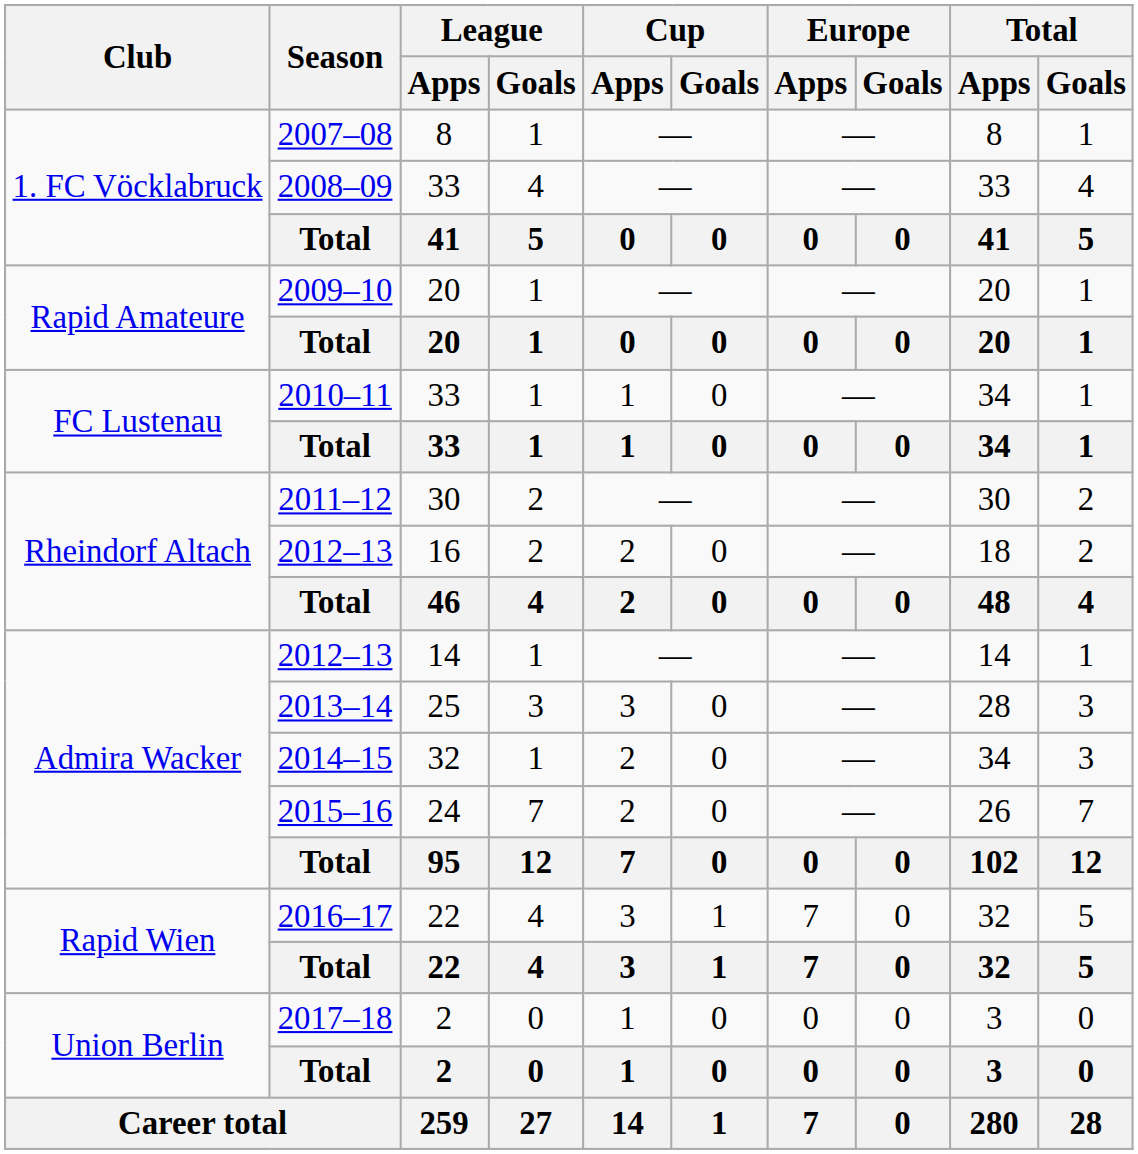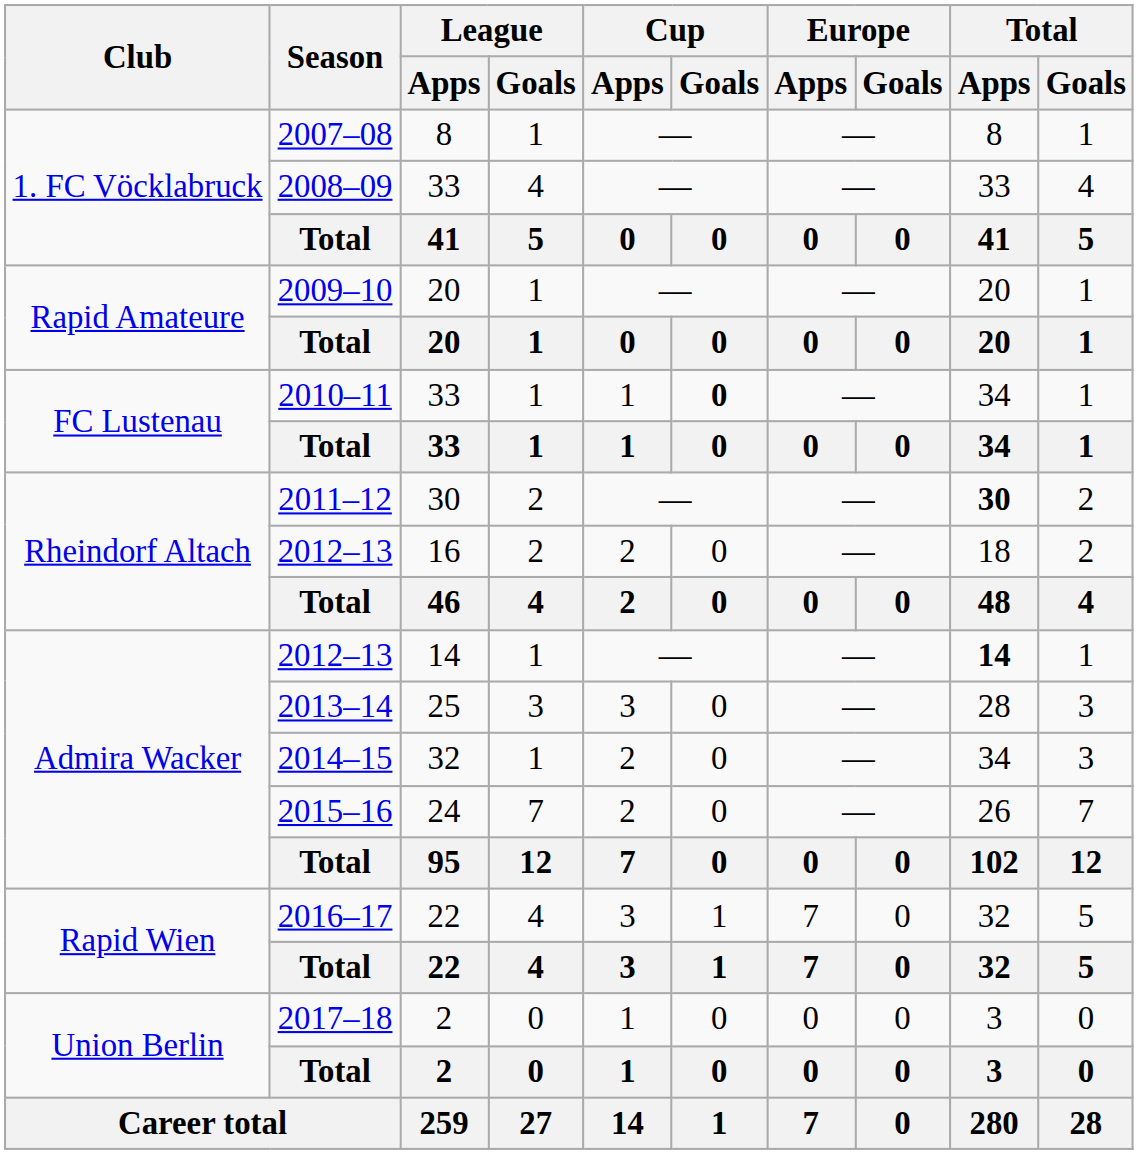 <table class="wikitable" style="text-align: center;">
 <tr>
 <th rowspan="2">Club</th>
 <th rowspan="2">Season</th>
 <th colspan="2">League</th>
 <th colspan="2">Cup</th>
 <th colspan="2">Europe</th>
 <th colspan="2">Total</th>
 </tr>
 <tr>
 <th>Apps</th>
 <th>Goals</th>
 <th>Apps</th>
 <th>Goals</th>
 <th>Apps</th>
 <th>Goals</th>
 <th>Apps</th>
 <th>Goals</th>
 </tr>
 <tr>
 <td rowspan="3"><a href='#'>1. FC Vöcklabruck</a></td>
 <td><a href='#'>2007–08</a></td>
 <td>8</td>
 <td>1</td>
 <td colspan="2">—</td>
 <td colspan="2">—</td>
 <td>8</td>
 <td>1</td>
 </tr>
 <tr>
 <td><a href='#'>2008–09</a></td>
 <td>33</td>
 <td>4</td>
 <td colspan="2">—</td>
 <td colspan="2">—</td>
 <td>33</td>
 <td>4</td>
 </tr>
 <tr>
 <th>Total</th>
 <th>41</th>
 <th>5</th>
 <th>0</th>
 <th>0</th>
 <th>0</th>
 <th>0</th>
 <th>41</th>
 <th>5</th>
 </tr>
 <tr>
 <td rowspan="2"><a href='#'>Rapid Amateure</a></td>
 <td><a href='#'>2009–10</a></td>
 <td>20</td>
 <td>1</td>
 <td colspan="2">—</td>
 <td colspan="2">—</td>
 <td>20</td>
 <td>1</td>
 </tr>
 <tr>
 <th>Total</th>
 <th>20</th>
 <th>1</th>
 <th 0>0</th>
 <th>0</th>
 <th>0</th>
 <th>0</th>
 <th>20</th>
 <th>1</th>
 </tr>
 <tr>
 <td rowspan="2"><a href='#'>FC Lustenau</a></td>
 <td><a href='#'>2010–11</a></td>
 <td>33</td>
 <td>1</td>
 <td>1</td>
-<td>0</td>
+<td><strong>0</strong></td>
 <td colspan="2">—</td>
 <td>34</td>
 <td>1</td>
 </tr>
 <tr>
 <th>Total</th>
 <th>33</th>
 <th>1</th>
 <th>1</th>
 <th>0</th>
 <th>0</th>
 <th>0</th>
 <th>34</th>
 <th>1</th>
 </tr>
 <tr>
 <td rowspan="3"><a href='#'>Rheindorf Altach</a></td>
 <td><a href='#'>2011–12</a></td>
 <td>30</td>
 <td>2</td>
 <td colspan="2">—</td>
 <td colspan="2">—</td>
-<td>30</td>
+<td><strong>30</strong></td>
 <td>2</td>
 </tr>
 <tr>
 <td><a href='#'>2012–13</a></td>
 <td>16</td>
 <td>2</td>
 <td>2</td>
 <td>0</td>
 <td colspan="2">—</td>
 <td>18</td>
 <td>2</td>
 </tr>
 <tr>
 <th>Total</th>
 <th>46</th>
 <th>4</th>
 <th>2</th>
 <th>0</th>
 <th>0</th>
 <th>0</th>
 <th>48</th>
 <th>4</th>
 </tr>
 <tr>
 <td rowspan="5"><a href='#'>Admira Wacker</a></td>
 <td><a href='#'>2012–13</a></td>
 <td>14</td>
 <td>1</td>
 <td colspan="2">—</td>
 <td colspan="2">—</td>
-<td>14</td>
+<td><strong>14</strong></td>
 <td>1</td>
 </tr>
 <tr>
 <td><a href='#'>2013–14</a></td>
 <td>25</td>
 <td>3</td>
 <td>3</td>
 <td>0</td>
 <td colspan="2">—</td>
 <td>28</td>
 <td>3</td>
 </tr>
 <tr>
 <td><a href='#'>2014–15</a></td>
 <td>32</td>
 <td>1</td>
 <td>2</td>
 <td>0</td>
 <td colspan="2">—</td>
 <td>34</td>
 <td>3</td>
 </tr>
 <tr>
 <td><a href='#'>2015–16</a></td>
 <td>24</td>
 <td>7</td>
 <td>2</td>
 <td>0</td>
 <td colspan="2">—</td>
 <td>26</td>
 <td>7</td>
 </tr>
 <tr>
 <th>Total</th>
 <th>95</th>
 <th>12</th>
 <th>7</th>
 <th>0</th>
 <th>0</th>
 <th>0</th>
 <th>102</th>
 <th>12</th>
 </tr>
 <tr>
 <td rowspan="2"><a href='#'>Rapid Wien</a></td>
 <td><a href='#'>2016–17</a></td>
 <td>22</td>
 <td>4</td>
 <td>3</td>
 <td>1</td>
 <td>7</td>
 <td>0</td>
 <td>32</td>
 <td>5</td>
 </tr>
 <tr>
 <th>Total</th>
 <th>22</th>
 <th>4</th>
 <th>3</th>
 <th>1</th>
 <th>7</th>
 <th>0</th>
 <th>32</th>
 <th>5</th>
 </tr>
 <tr>
 <td rowspan="2"><a href='#'>Union Berlin</a></td>
 <td><a href='#'>2017–18</a></td>
 <td>2</td>
 <td>0</td>
 <td>1</td>
 <td>0</td>
 <td>0</td>
 <td>0</td>
 <td>3</td>
 <td>0</td>
 </tr>
 <tr>
 <th>Total</th>
 <th>2</th>
 <th>0</th>
 <th>1</th>
 <th>0</th>
 <th>0</th>
 <th>0</th>
 <th>3</th>
 <th>0</th>
 </tr>
 <tr>
 <th colspan="2">Career total</th>
 <th>259</th>
 <th>27</th>
 <th>14</th>
 <th>1</th>
 <th>7</th>
 <th>0</th>
 <th>280</th>
 <th>28</th>
 </tr>
 </table>
